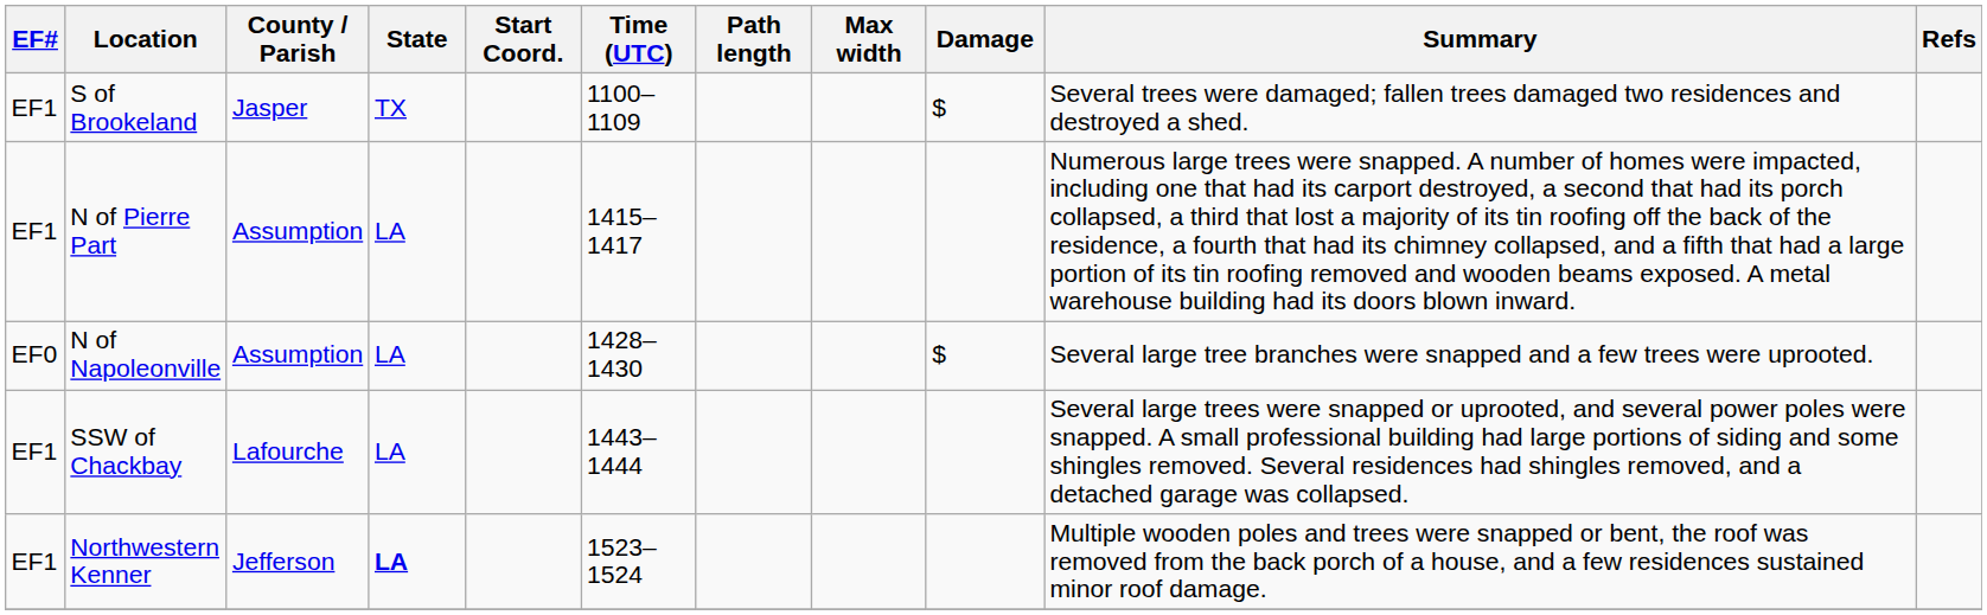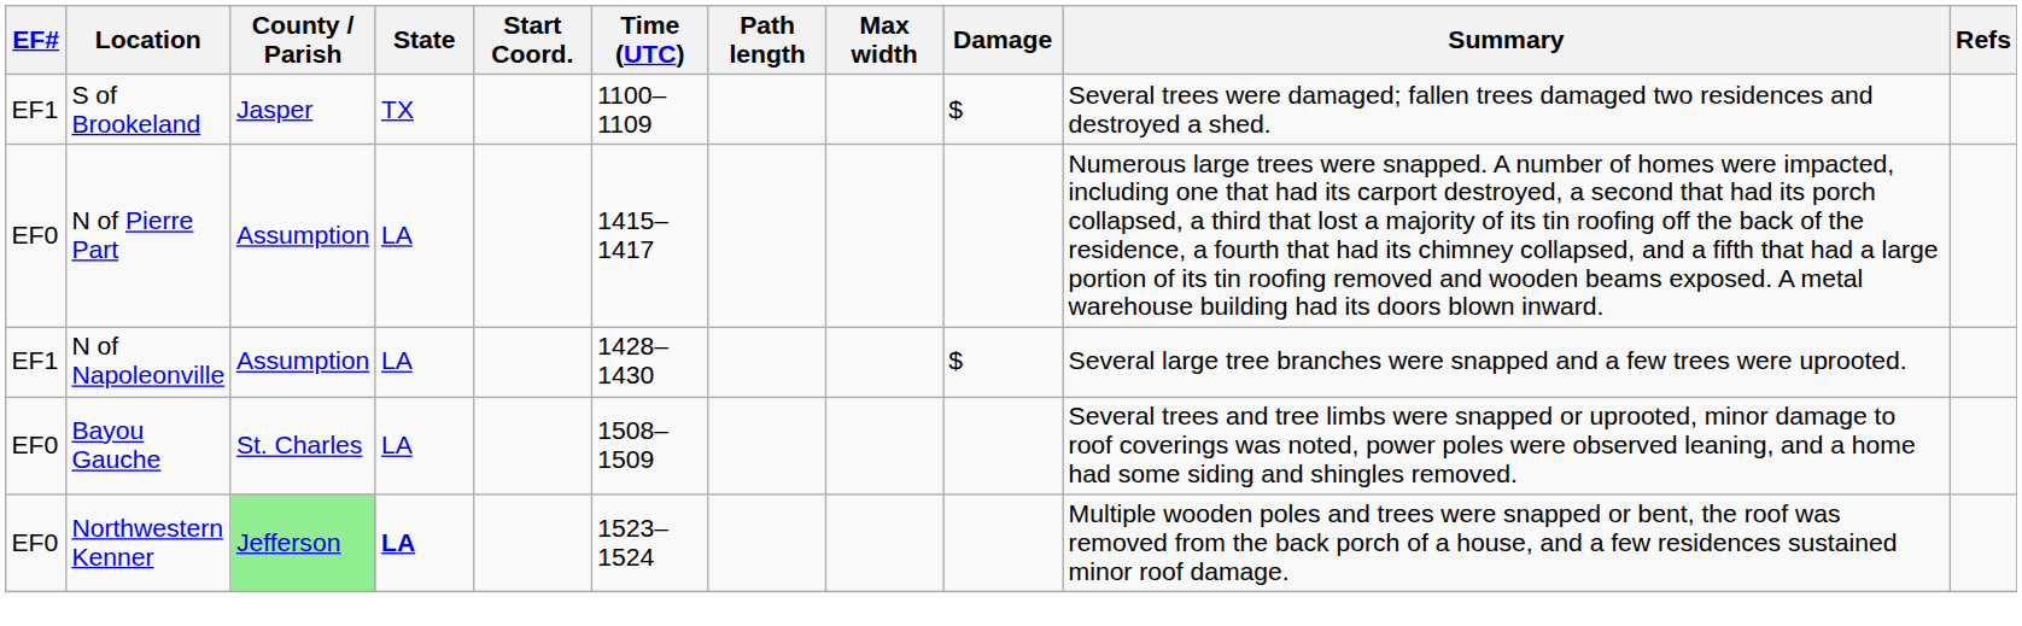 <table class="wikitable sortable" style="width:100%;">
 <tr>
 <th scope="col" width="3%" align="center"><a href='#'>EF#</a></th>
 <th scope="col" width="7%" align="center" class="unsortable">Location</th>
 <th scope="col" width="6%" align="center" class="unsortable">County / Parish</th>
 <th scope="col" width="5%" align="center">State</th>
 <th scope="col" width="6%" align="center">Start Coord.</th>
 <th scope="col" width="6%" align="center">Time (<a href='#'>UTC</a>)</th>
 <th scope="col" width="6%" align="center">Path length</th>
 <th scope="col" width="6%" align="center">Max width</th>
 <th scope="col" width="6%" align="center">Damage</th>
 <th scope="col" width="48%" class="unsortable" align="center">Summary</th>
 <th scope="col" width="48%" class="unsortable" align="center">Refs</th>
 </tr>
 <tr>
 <td>EF1</td>
 <td>S of <a href='#'>Brookeland</a></td>
 <td><a href='#'>Jasper</a></td>
 <td><a href='#'>TX</a></td>
 <td></td>
 <td>1100–1109</td>
 <td></td>
 <td></td>
 <td>$</td>
 <td>Several trees were damaged; fallen trees damaged two residences and destroyed a shed.</td>
 <td></td>
 </tr>
 <tr>
-<td>EF1</td>
+<td>EF0</td>
 <td>N of <a href='#'>Pierre Part</a></td>
 <td><a href='#'>Assumption</a></td>
 <td><a href='#'>LA</a></td>
 <td></td>
 <td>1415–1417</td>
 <td></td>
 <td></td>
 <td></td>
 <td>Numerous large trees were snapped. A number of homes were impacted, including one that had its carport destroyed, a second that had its porch collapsed, a third that lost a majority of its tin roofing off the back of the residence, a fourth that had its chimney collapsed, and a fifth that had a large portion of its tin roofing removed and wooden beams exposed. A metal warehouse building had its doors blown inward.</td>
 <td></td>
 </tr>
 <tr>
-<td>EF0</td>
+<td>EF1</td>
 <td>N of <a href='#'>Napoleonville</a></td>
 <td><a href='#'>Assumption</a></td>
 <td><a href='#'>LA</a></td>
 <td></td>
 <td>1428–1430</td>
 <td></td>
 <td></td>
 <td>$</td>
 <td>Several large tree branches were snapped and a few trees were uprooted.</td>
 <td></td>
 </tr>
 <tr>
-<td>EF1</td>
-<td>SSW of <a href='#'>Chackbay</a></td>
-<td><a href='#'>Lafourche</a></td>
+<td>EF0</td>
+<td><a href='#'>Bayou Gauche</a></td>
+<td><a href='#'>St. Charles</a></td>
 <td><a href='#'>LA</a></td>
 <td></td>
-<td>1443–1444</td>
+<td>1508–1509</td>
 <td></td>
 <td></td>
 <td></td>
-<td>Several large trees were snapped or uprooted, and several power poles were snapped. A small professional building had large portions of siding and some shingles removed. Several residences had shingles removed, and a detached garage was collapsed.</td>
+<td>Several trees and tree limbs were snapped or uprooted, minor damage to roof coverings was noted, power poles were observed leaning, and a home had some siding and shingles removed.</td>
 <td></td>
 </tr>
 <tr>
-<td>EF1</td>
+<td>EF0</td>
 <td><a href='#'>Northwestern Kenner</a></td>
-<td><a href='#'>Jefferson</a></td>
+<td style="background: lightgreen;"><a href='#'>Jefferson</a></td>
 <td><strong><a href='#'>LA</a></strong></td>
 <td></td>
 <td>1523–1524</td>
 <td></td>
 <td></td>
 <td></td>
 <td>Multiple wooden poles and trees were snapped or bent, the roof was removed from the back porch of a house, and a few residences sustained minor roof damage.</td>
 <td></td>
 </tr>
 <tr>
 </tr>
 </table>
